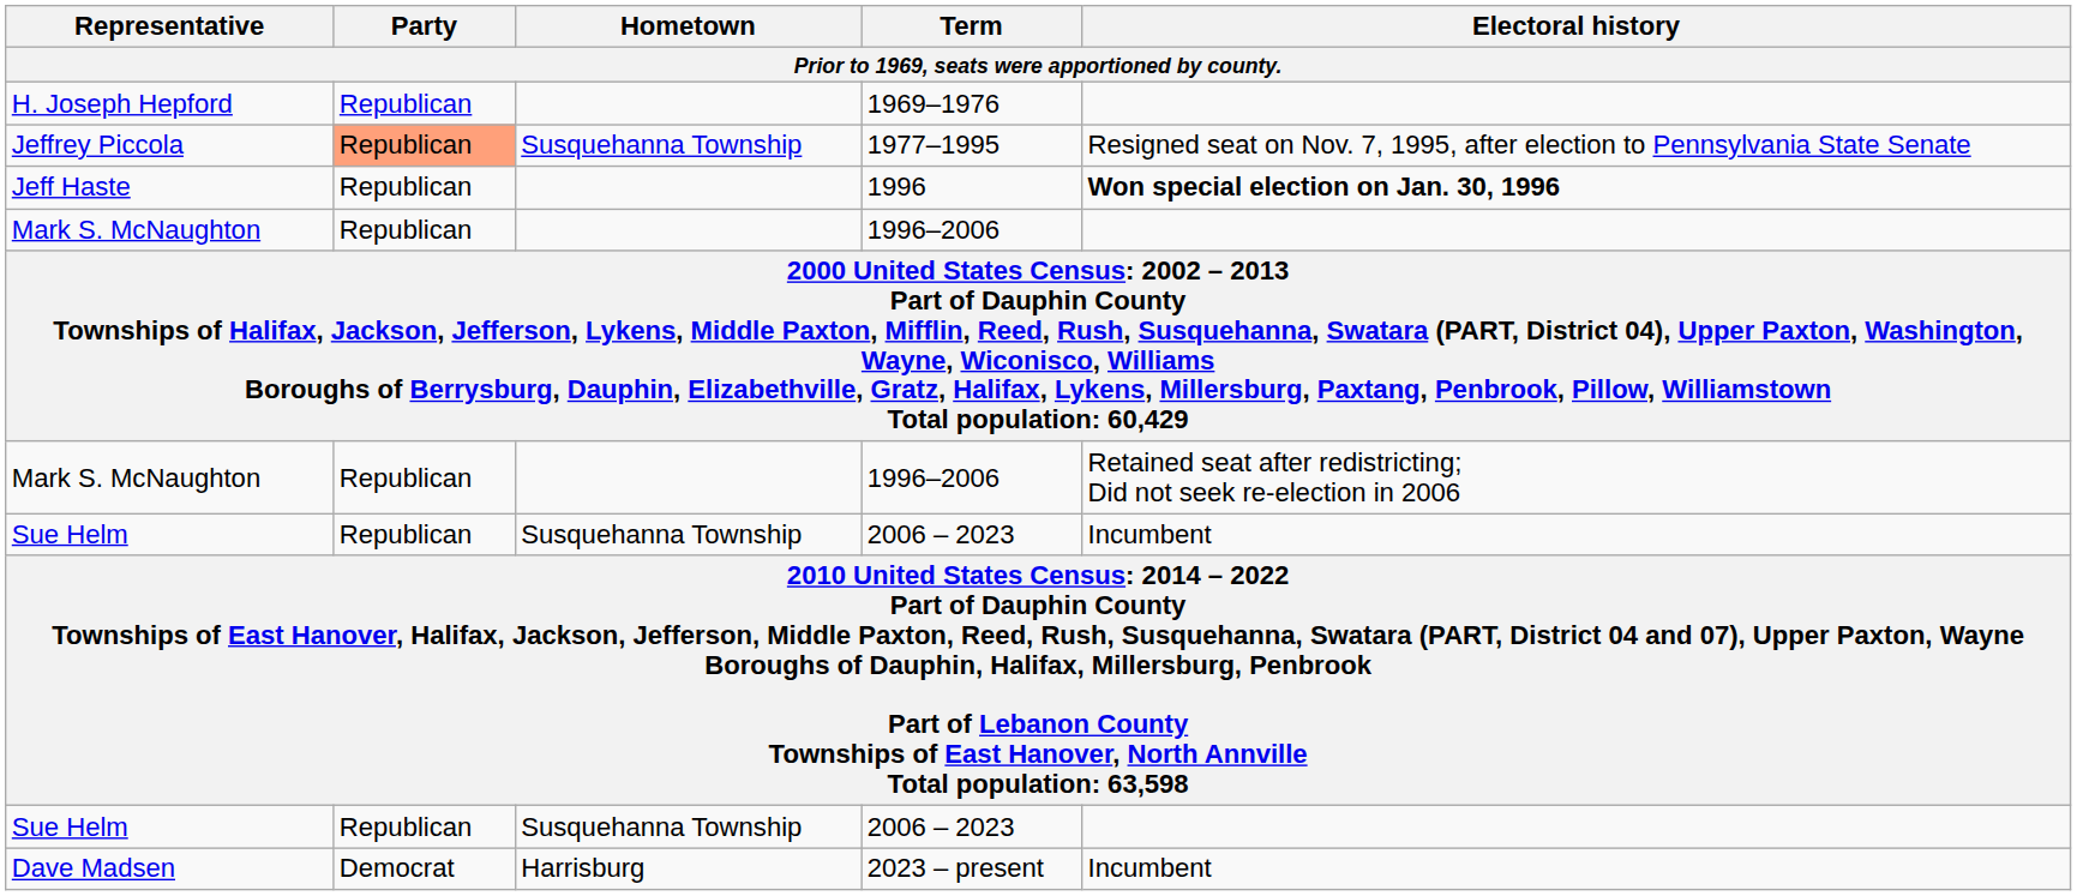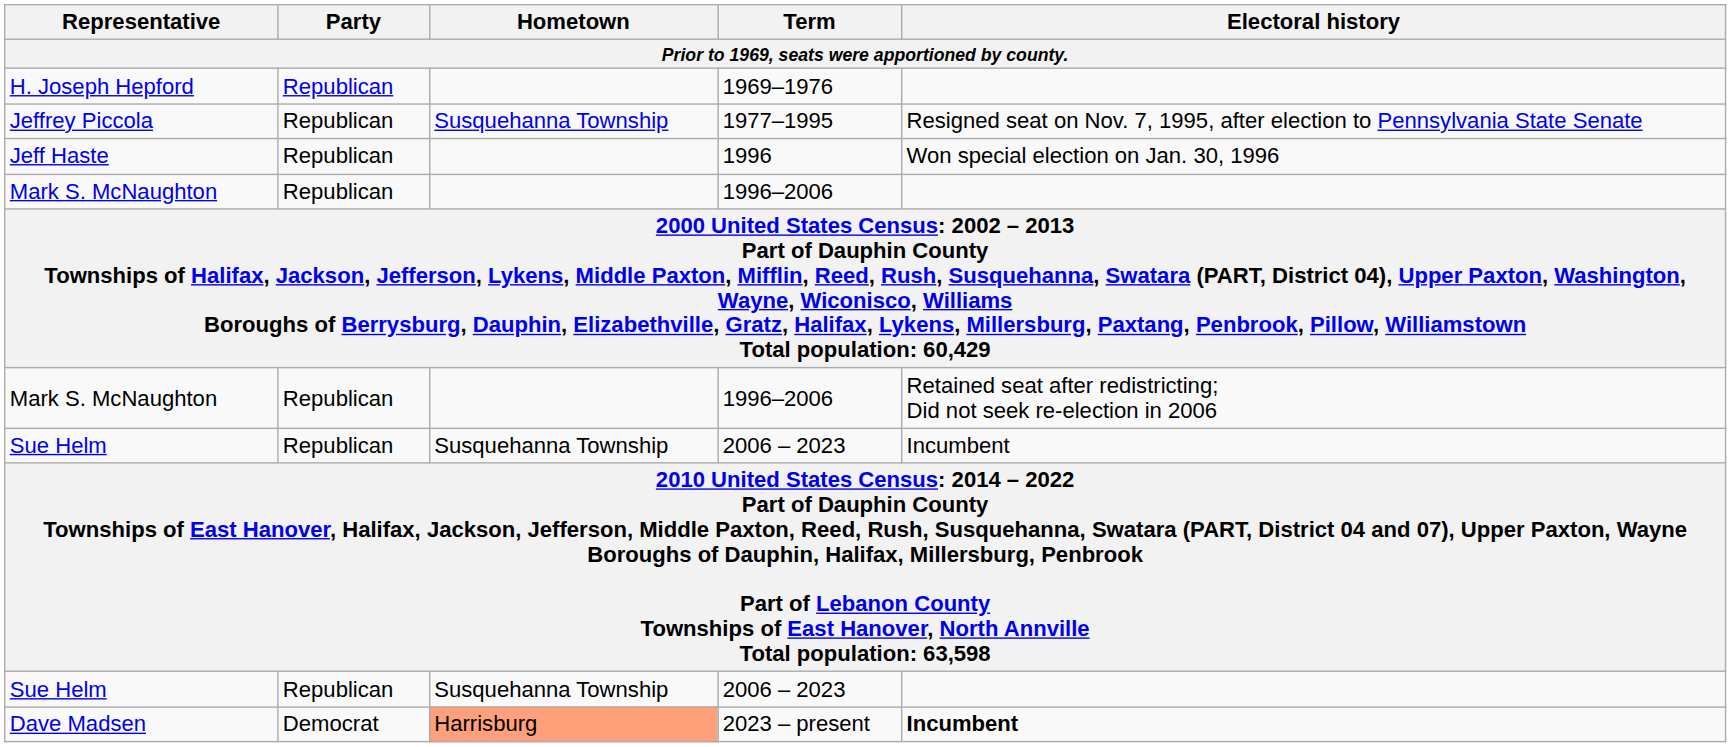 <table class="wikitable">
 <tr>
 <th>Representative</th>
 <th>Party</th>
 <th>Hometown</th>
 <th>Term</th>
 <th>Electoral history</th>
 </tr>
 <tr>
 <th colspan=5 style="font-size: 80%;"><em>Prior to 1969, seats were apportioned by county.</em></th>
 </tr>
 <tr>
 <td nowrap align=left> <a href='#'>H. Joseph Hepford</a></td>
 <td><a href='#'>Republican</a></td>
 <td></td>
 <td>1969–1976</td>
 <td></td>
 </tr>
 <tr>
 <td nowrap align=left> <a href='#'>Jeffrey Piccola</a></td>
-<td style="background: lightsalmon;">Republican</td>
+<td>Republican</td>
 <td><a href='#'>Susquehanna Township</a></td>
 <td>1977–1995</td>
 <td>Resigned seat on Nov. 7, 1995, after election to <a href='#'>Pennsylvania State Senate</a></td>
 </tr>
 <tr>
 <td nowrap align=left> <a href='#'>Jeff Haste</a></td>
 <td>Republican</td>
 <td></td>
 <td>1996</td>
-<td><strong>Won special election on Jan. 30, 1996</strong></td>
+<td>Won special election on Jan. 30, 1996</td>
 </tr>
 <tr>
 <td nowrap align=left> <a href='#'>Mark S. McNaughton</a></td>
 <td>Republican</td>
 <td></td>
 <td>1996–2006</td>
 <td></td>
 </tr>
 <tr>
 <th colspan=5><a href='#'>2000 United States Census</a>: 2002 – 2013<br>Part of Dauphin County<br><span>Townships of <a href='#'>Halifax</a>, <a href='#'>Jackson</a>, <a href='#'>Jefferson</a>, <a href='#'>Lykens</a>, <a href='#'>Middle Paxton</a>, <a href='#'>Mifflin</a>, <a href='#'>Reed</a>, <a href='#'>Rush</a>, <a href='#'>Susquehanna</a>, <a href='#'>Swatara</a> (PART, District 04), <a href='#'>Upper Paxton</a>, <a href='#'>Washington</a>, <a href='#'>Wayne</a>, <a href='#'>Wiconisco</a>, <a href='#'>Williams</a><br>Boroughs of <a href='#'>Berrysburg</a>, <a href='#'>Dauphin</a>, <a href='#'>Elizabethville</a>, <a href='#'>Gratz</a>, <a href='#'>Halifax</a>, <a href='#'>Lykens</a>, <a href='#'>Millersburg</a>, <a href='#'>Paxtang</a>, <a href='#'>Penbrook</a>, <a href='#'>Pillow</a>, <a href='#'>Williamstown</a></span><br><span>Total population: 60,429</span></th>
 </tr>
 <tr>
 <td nowrap align=left> Mark S. McNaughton</td>
 <td>Republican</td>
 <td></td>
 <td>1996–2006</td>
 <td>Retained seat after redistricting;<br>Did not seek re-election in 2006</td>
 </tr>
 <tr>
 <td nowrap align=left> <a href='#'>Sue Helm</a></td>
 <td>Republican</td>
 <td>Susquehanna Township</td>
 <td>2006 – 2023</td>
 <td>Incumbent</td>
 </tr>
 <tr>
 <th colspan=5><a href='#'>2010 United States Census</a>: 2014 – 2022<br>Part of Dauphin County<br><span>Townships of <a href='#'>East Hanover</a>, Halifax, Jackson, Jefferson, Middle Paxton, Reed, Rush, Susquehanna, Swatara (PART, District 04 and 07), Upper Paxton, Wayne<br>Boroughs of Dauphin, Halifax, Millersburg, Penbrook</span><br><br>Part of <a href='#'>Lebanon County</a><br><span>Townships of <a href='#'>East Hanover</a>, <a href='#'>North Annville</a></span><br><span>Total population: 63,598</span></th>
 </tr>
 <tr>
 <td nowrap align=left> <a href='#'>Sue Helm</a></td>
 <td>Republican</td>
 <td>Susquehanna Township</td>
 <td>2006 – 2023</td>
 <td></td>
 </tr>
 <tr>
 <td nowrap align=left><a href='#'>Dave Madsen</a></td>
 <td>Democrat</td>
-<td>Harrisburg</td>
+<td style="background: lightsalmon;">Harrisburg</td>
 <td>2023 – present</td>
-<td>Incumbent</td>
+<td><strong>Incumbent</strong></td>
 </tr>
 </table>
